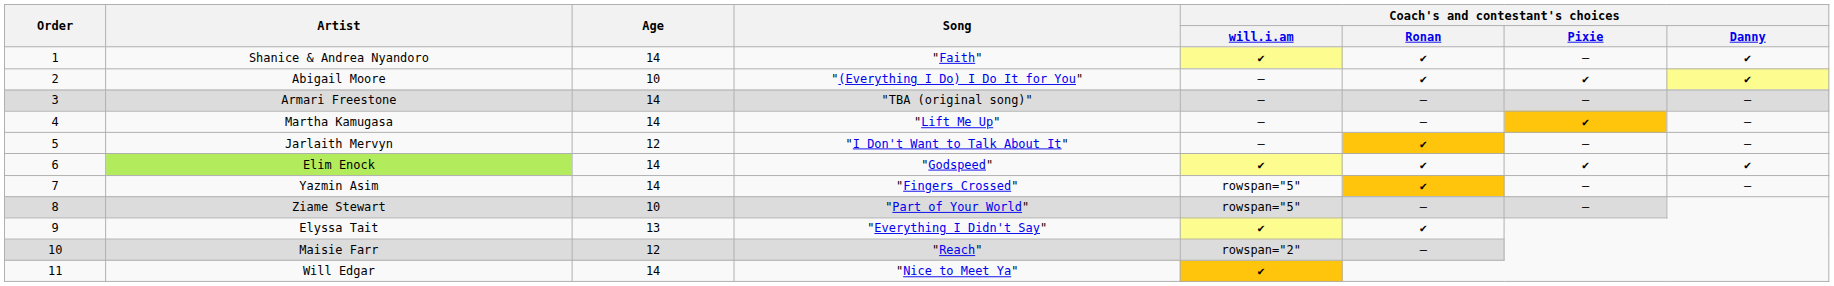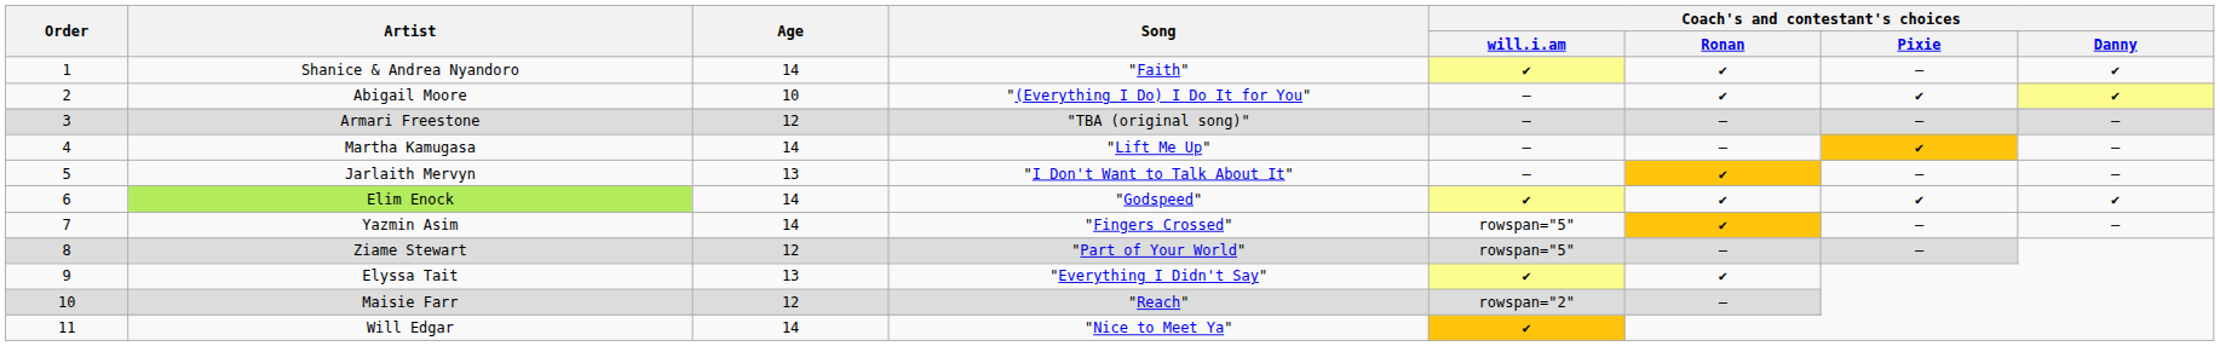 <table class="wikitable" style="text-align:center; line-height:17px; font-size:100%; width:100%;">
 <tr>
 <th width="5%" rowspan="2" scope="col">Order</th>
 <th scope="col" rowspan="2" width="23%">Artist</th>
 <th width="8%" rowspan="2" scope="col">Age</th>
 <th scope="col" rowspan="2" width="22%">Song</th>
 <th scope="col" colspan="4" width="24%">Coach's and contestant's choices</th>
 </tr>
 <tr>
 <th width="8%"><a href='#'>will.i.am</a></th>
 <th width="8%"><a href='#'>Ronan</a></th>
 <th width="8%"><a href='#'>Pixie</a></th>
 <th width="8%"><a href='#'>Danny</a></th>
 </tr>
 <tr>
 <td>1</td>
 <td>Shanice & Andrea Nyandoro</td>
 <td>14</td>
 <td>"<a href='#'>Faith</a>"</td>
 <td style="background:#fdfc8f">✔</td>
 <td>✔</td>
 <td>–</td>
 <td>✔</td>
 </tr>
 <tr>
 <td>2</td>
 <td>Abigail Moore</td>
 <td>10</td>
 <td>"<a href='#'>(Everything I Do) I Do It for You</a>"</td>
 <td>–</td>
 <td>✔</td>
 <td>✔</td>
 <td style="background:#fdfc8f">✔</td>
 </tr>
 <tr bgcolor="#DCDCDC">
 <td>3</td>
 <td>Armari Freestone</td>
-<td>14</td>
+<td>12</td>
 <td>"TBA (original song)"</td>
 <td>–</td>
 <td>–</td>
 <td>–</td>
 <td>–</td>
 </tr>
 <tr>
 <td>4</td>
 <td>Martha Kamugasa</td>
 <td>14</td>
 <td>"<a href='#'>Lift Me Up</a>"</td>
 <td>–</td>
 <td>–</td>
 <td style="background:#ffc40c">✔</td>
 <td>–</td>
 </tr>
 <tr>
 <td>5</td>
 <td>Jarlaith Mervyn</td>
-<td>12</td>
+<td>13</td>
 <td>"<a href='#'>I Don't Want to Talk About It</a>"</td>
 <td>–</td>
 <td style="background:#ffc40c">✔</td>
 <td>–</td>
 <td>–</td>
 </tr>
 <tr>
 <td>6</td>
 <td style="background-color:#B2EC5D;">Elim Enock</td>
 <td>14</td>
 <td>"<a href='#'>Godspeed</a>"</td>
 <td style="background:#fdfc8f">✔</td>
 <td>✔</td>
 <td>✔</td>
 <td>✔</td>
 </tr>
 <tr>
 <td>7</td>
 <td>Yazmin Asim</td>
 <td>14</td>
 <td>"<a href='#'>Fingers Crossed</a>"</td>
 <td>rowspan="5" </td>
 <td style="background:#ffc40c">✔</td>
 <td>–</td>
 <td>–</td>
 </tr>
 <tr bgcolor="#DCDCDC">
 <td>8</td>
 <td>Ziame Stewart</td>
-<td>10</td>
+<td>12</td>
 <td>"<a href='#'>Part of Your World</a>"</td>
 <td>rowspan="5" </td>
 <td>–</td>
 <td>–</td>
 </tr>
 <tr>
 <td>9</td>
 <td>Elyssa Tait</td>
 <td>13</td>
 <td>"<a href='#'>Everything I Didn't Say</a>"</td>
 <td style="background:#fdfc8f">✔</td>
 <td>✔</td>
 </tr>
 <tr bgcolor="#DCDCDC">
 <td>10</td>
 <td>Maisie Farr</td>
 <td>12</td>
 <td>"<a href='#'>Reach</a>"</td>
 <td>rowspan="2" </td>
 <td>–</td>
 </tr>
 <tr>
 <td>11</td>
 <td>Will Edgar</td>
 <td>14</td>
 <td>"<a href='#'>Nice to Meet Ya</a>"</td>
 <td style="background:#ffc40c">✔</td>
 </tr>
 </table>
